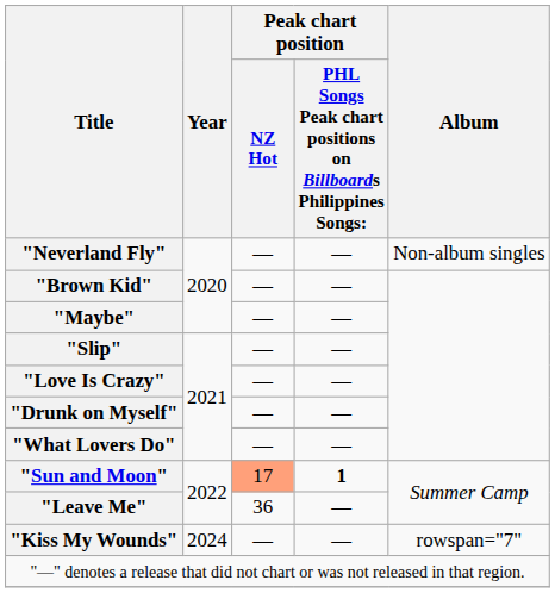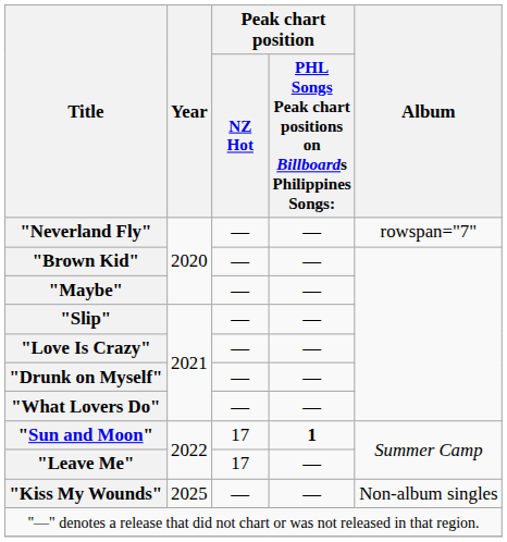 <table class="wikitable plainrowheaders" style="text-align:center;">
 <tr>
 <th rowspan="2" scope="col">Title</th>
 <th rowspan="2" scope="col">Year</th>
 <th colspan="2" scope="col">Peak chart position</th>
 <th rowspan="2" scope="col">Album</th>
 </tr>
 <tr>
 <th scope="col" style="font-size:90%; width:3em"><a href='#'>NZ Hot</a><br></th>
 <th scope="col" style="font-size:90%; width:3em"><a href='#'>PHL<br>Songs</a><br>Peak chart positions on <em><a href='#'>Billboard</a></em>s Philippines Songs:</th>
 </tr>
 <tr>
 <th scope="row">"Neverland Fly"</th>
 <td rowspan="3">2020</td>
 <td>—</td>
 <td>—</td>
-<td>Non-album singles</td>
+<td>rowspan="7" </td>
 </tr>
 <tr>
 <th scope="row">"Brown Kid" </th>
 <td>—</td>
 <td>—</td>
 </tr>
 <tr>
 <th scope="row">"Maybe"</th>
 <td>—</td>
 <td>—</td>
 </tr>
 <tr>
 <th scope="row">"Slip"</th>
 <td rowspan="4">2021</td>
 <td>—</td>
 <td>—</td>
 </tr>
 <tr>
 <th scope="row">"Love Is Crazy"</th>
 <td>—</td>
 <td>—</td>
 </tr>
 <tr>
 <th scope="row">"Drunk on Myself"</th>
 <td>—</td>
 <td>—</td>
 </tr>
 <tr>
 <th scope="row">"What Lovers Do" </th>
 <td>—</td>
 <td>—</td>
 </tr>
 <tr>
 <th scope="row">"<a href='#'>Sun and Moon</a>"</th>
 <td rowspan="2">2022</td>
-<td style="background: lightsalmon;">17</td>
+<td>17</td>
 <td><strong>1</strong></td>
 <td rowspan="2"><em>Summer Camp</em></td>
 </tr>
 <tr>
 <th scope="row">"Leave Me"</th>
-<td>36</td>
+<td>17</td>
 <td>—</td>
 </tr>
 <tr>
 <th>"Kiss My Wounds"</th>
-<td>2024</td>
+<td>2025</td>
 <td>—</td>
 <td>—</td>
-<td>rowspan="7" </td>
+<td>Non-album singles</td>
 </tr>
 <tr>
 <td colspan="5"><small>"—" denotes a release that did not chart or was not released in that region.</small></td>
 </tr>
 <tr>
 </tr>
 </table>
